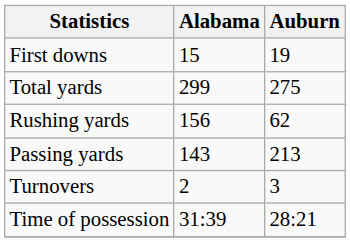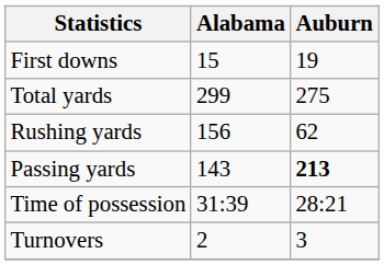 <table class="wikitable" style="float: left;">
 <tr>
 <th>Statistics</th>
 <th>Alabama</th>
 <th>Auburn</th>
 </tr>
 <tr>
 <td>First downs</td>
 <td>15</td>
 <td>19</td>
 </tr>
 <tr>
 <td>Total yards</td>
 <td>299</td>
 <td>275</td>
 </tr>
 <tr>
 <td>Rushing yards</td>
 <td>156</td>
 <td>62</td>
 </tr>
 <tr>
 <td>Passing yards</td>
 <td>143</td>
-<td>213</td>
+<td><strong>213</strong></td>
+</tr>
+<tr>
+<td>Time of possession</td>
+<td>31:39</td>
+<td>28:21</td>
 </tr>
 <tr>
 <td>Turnovers</td>
 <td>2</td>
 <td>3</td>
 </tr>
 <tr>
-<td>Time of possession</td>
-<td>31:39</td>
-<td>28:21</td>
-</tr>
-<tr>
 </tr>
 </table>
